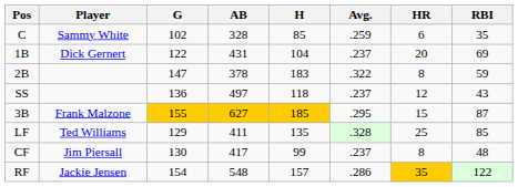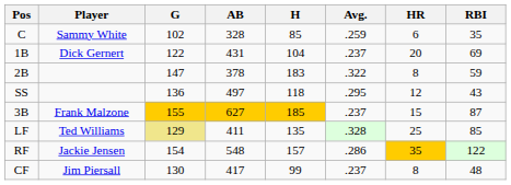 <table class="wikitable sortable">
 <tr>
 <th bgcolor="#DDDDFF" width="5%">Pos</th>
 <th bgcolor="#DDDDFF" width="16%">Player</th>
 <th bgcolor="#DDDDFF" width="9%">G</th>
 <th bgcolor="#DDDDFF" width="9%">AB</th>
 <th bgcolor="#DDDDFF" width="9%">H</th>
 <th bgcolor="#DDDDFF" width="9%">Avg.</th>
 <th bgcolor="#DDDDFF" width="9%">HR</th>
 <th bgcolor="#DDDDFF" width="9%">RBI</th>
 </tr>
 <tr align="center">
 <td>C</td>
 <td><a href='#'>Sammy White</a></td>
 <td>102</td>
 <td>328</td>
 <td>85</td>
 <td>.259</td>
 <td>6</td>
 <td>35</td>
 </tr>
 <tr align="center">
 <td>1B</td>
 <td><a href='#'>Dick Gernert</a></td>
 <td>122</td>
 <td>431</td>
 <td>104</td>
 <td>.237</td>
 <td>20</td>
 <td>69</td>
 </tr>
 <tr align="center">
 <td>2B</td>
 <td></td>
 <td>147</td>
 <td>378</td>
 <td>183</td>
 <td>.322</td>
 <td>8</td>
 <td>59</td>
 </tr>
 <tr align="center">
 <td>SS</td>
 <td></td>
 <td>136</td>
 <td>497</td>
 <td>118</td>
-<td>.237</td>
+<td>.295</td>
 <td>12</td>
 <td>43</td>
 </tr>
 <tr align="center">
 <td>3B</td>
 <td><a href='#'>Frank Malzone</a></td>
 <td style="background:#fc0;">155</td>
 <td style="background:#fc0;">627</td>
 <td style="background:#fc0;">185</td>
-<td>.295</td>
+<td>.237</td>
 <td>15</td>
 <td>87</td>
 </tr>
 <tr align="center">
 <td>LF</td>
 <td><a href='#'>Ted Williams</a></td>
-<td>129</td>
+<td style="background: khaki;">129</td>
 <td>411</td>
 <td>135</td>
 <td style="background:#DDFFDD;">.328</td>
 <td>25</td>
 <td>85</td>
+</tr>
+<tr align="center">
+<td>RF</td>
+<td><a href='#'>Jackie Jensen</a></td>
+<td>154</td>
+<td>548</td>
+<td>157</td>
+<td>.286</td>
+<td style="background:#fc0;">35</td>
+<td style="background:#DDFFDD;">122</td>
 </tr>
 <tr align="center">
 <td>CF</td>
 <td><a href='#'>Jim Piersall</a></td>
 <td>130</td>
 <td>417</td>
 <td>99</td>
 <td>.237</td>
 <td>8</td>
 <td>48</td>
 </tr>
-<tr align="center">
-<td>RF</td>
-<td><a href='#'>Jackie Jensen</a></td>
-<td>154</td>
-<td>548</td>
-<td>157</td>
-<td>.286</td>
-<td style="background:#fc0;">35</td>
-<td style="background:#DDFFDD;">122</td>
-</tr>
 </table>
